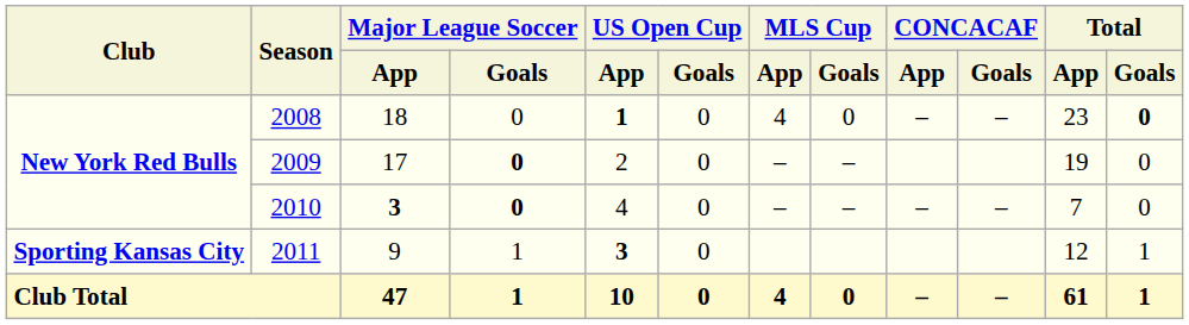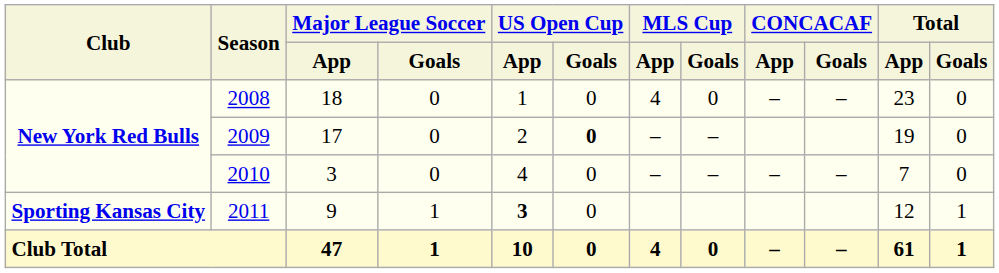 <table border="1" cellpadding="4" cellspacing="2" style="margin:auto; background:ivory; font-size:95%; border:1px #aaa solid; border-collapse:collapse; clear:center;">
 <tr style="background:beige">
 <th rowspan="2">Club</th>
 <th rowspan="2">Season</th>
 <th colspan="2"><a href='#'>Major League Soccer</a></th>
 <th colspan="2"><a href='#'>US Open Cup</a></th>
 <th colspan="2"><a href='#'>MLS Cup</a></th>
 <th colspan="2"><a href='#'>CONCACAF</a></th>
 <th colspan="2">Total</th>
 </tr>
 <tr style="background:beige">
 <th>App</th>
 <th>Goals</th>
 <th>App</th>
 <th>Goals</th>
 <th>App</th>
 <th>Goals</th>
 <th>App</th>
 <th>Goals</th>
 <th>App</th>
 <th>Goals</th>
 </tr>
 <tr>
 <td rowspan="3" style="text-align:center;"><strong><a href='#'>New York Red Bulls</a></strong><br></td>
 <td style="text-align:center;"><a href='#'>2008</a></td>
 <td style="text-align:center;">18</td>
 <td style="text-align:center;">0</td>
-<td style="text-align:center;"><strong>1</strong></td>
+<td style="text-align:center;">1</td>
 <td style="text-align:center;">0</td>
 <td style="text-align:center;">4</td>
 <td style="text-align:center;">0</td>
 <td style="text-align:center;">–</td>
 <td style="text-align:center;">–</td>
 <td style="text-align:center;">23</td>
-<td style="text-align:center;"><strong>0</strong></td>
+<td style="text-align:center;">0</td>
 </tr>
 <tr>
 <td style="text-align:center;"><a href='#'>2009</a></td>
 <td style="text-align:center;">17</td>
+<td style="text-align:center;">0</td>
+<td style="text-align:center;">2</td>
 <td style="text-align:center;"><strong>0</strong></td>
-<td style="text-align:center;">2</td>
-<td style="text-align:center;">0</td>
 <td style="text-align:center;">–</td>
 <td style="text-align:center;">–</td>
 <td style="text-align:center;"></td>
 <td style="text-align:center;"></td>
 <td style="text-align:center;">19</td>
 <td style="text-align:center;">0</td>
 </tr>
 <tr>
 <td style="text-align:center;"><a href='#'>2010</a></td>
-<td style="text-align:center;"><strong>3</strong></td>
-<td style="text-align:center;"><strong>0</strong></td>
+<td style="text-align:center;">3</td>
+<td style="text-align:center;">0</td>
 <td style="text-align:center;">4</td>
 <td style="text-align:center;">0</td>
 <td style="text-align:center;">–</td>
 <td style="text-align:center;">–</td>
 <td style="text-align:center;">–</td>
 <td style="text-align:center;">–</td>
 <td style="text-align:center;">7</td>
 <td style="text-align:center;">0</td>
 </tr>
 <tr>
 <td style="text-align:center;"><strong><a href='#'>Sporting Kansas City</a></strong><br></td>
 <td style="text-align:center;"><a href='#'>2011</a></td>
 <td style="text-align:center;">9</td>
 <td style="text-align:center;">1</td>
 <td style="text-align:center;"><strong>3</strong></td>
 <td style="text-align:center;">0</td>
 <td style="text-align:center;"></td>
 <td style="text-align:center;"></td>
 <td style="text-align:center;"></td>
 <td style="text-align:center;"></td>
 <td style="text-align:center;">12</td>
 <td style="text-align:center;">1</td>
 </tr>
 <tr style="background:lemonchiffon">
 <th colspan="2" style="text-align:left;">Club Total</th>
 <th>47</th>
 <th>1</th>
 <th>10</th>
 <th>0</th>
 <th>4</th>
 <th>0</th>
 <th>–</th>
 <th>–</th>
 <th>61</th>
 <th>1</th>
 </tr>
 </table>
